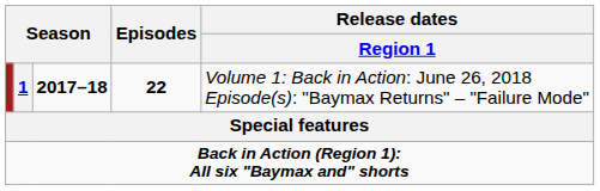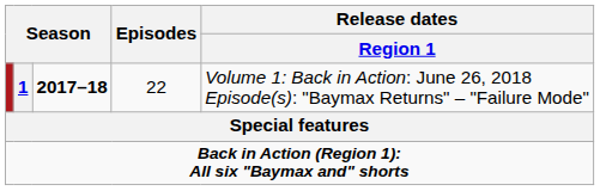 <table class="wikitable">
 <tr>
 <th colspan=3 rowspan=2>Season</th>
 <th rowspan=2>Episodes</th>
 <th>Release dates</th>
 </tr>
 <tr>
 <th><a href='#'>Region 1</a></th>
 </tr>
 <tr>
 <th style="background:#AE181D"></th>
 <th style="text-align: center"><strong><a href='#'>1</a></strong></th>
 <td style="text-align: center"><strong>2017–18</strong></td>
-<td style="text-align: center"><strong>22</strong></td>
+<td style="text-align: center">22</td>
 <td><em>Volume 1: Back in Action</em>: June 26, 2018<br><em>Episode(s)</em>: "Baymax Returns" – "Failure Mode"</td>
 </tr>
 <tr>
 <th colspan=6>Special features</th>
 </tr>
 <tr style="text-align: center; font-size:90%">
 <td colspan=6><strong><em>Back in Action<em> (Region 1)<strong>:<br>All six "Baymax and" shorts</td>
 </tr>
 </table>
